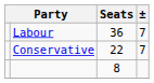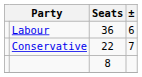 <table class="sortable wikitable">
 <tr>
 <th colspan="2">Party</th>
 <th>Seats</th>
 <th>±</th>
 </tr>
 <tr>
 <td style="background-color: "></td>
 <td><a href='#'>Labour</a></td>
 <td align="center">36</td>
-<td align="center">7</td>
+<td align="center">6</td>
 </tr>
 <tr>
 <td style="background-color: "></td>
 <td><a href='#'>Conservative</a></td>
 <td align="center">22</td>
 <td align="center">7</td>
 </tr>
 <tr>
 <td style="background-color: "></td>
 <td><a href='#'></a></td>
 <td align="center">8</td>
 <td align="center"></td>
 </tr>
 <tr>
 </tr>
 </table>
